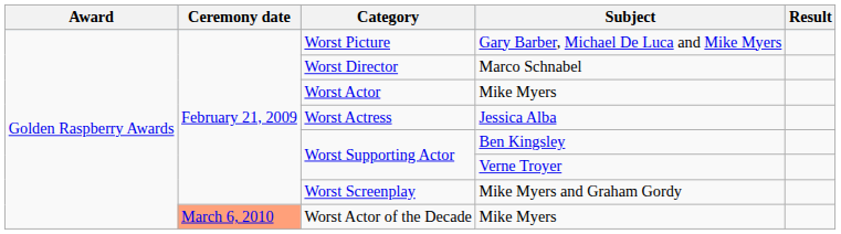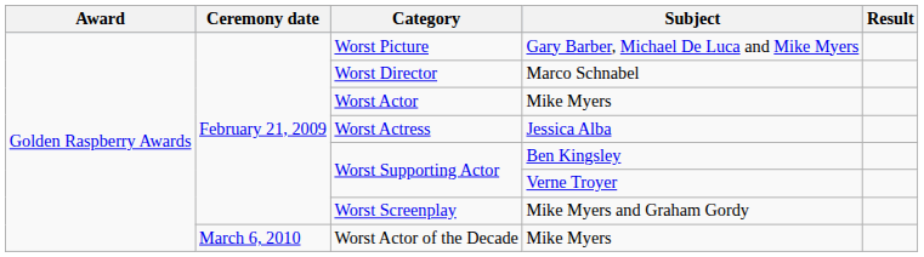 <table class="wikitable">
 <tr style="background:#b0c4de; text-align:center;">
 <th>Award</th>
 <th>Ceremony date</th>
 <th>Category</th>
 <th>Subject</th>
 <th>Result</th>
 </tr>
 <tr>
 <td rowspan="8"><a href='#'>Golden Raspberry Awards</a></td>
 <td rowspan="7"><a href='#'>February 21, 2009</a></td>
 <td><a href='#'>Worst Picture</a></td>
 <td><a href='#'>Gary Barber</a>, <a href='#'>Michael De Luca</a> and <a href='#'>Mike Myers</a></td>
 <td></td>
 </tr>
 <tr>
 <td><a href='#'>Worst Director</a></td>
 <td>Marco Schnabel</td>
 <td></td>
 </tr>
 <tr>
 <td><a href='#'>Worst Actor</a></td>
 <td>Mike Myers</td>
 <td></td>
 </tr>
 <tr>
 <td><a href='#'>Worst Actress</a></td>
 <td><a href='#'>Jessica Alba</a></td>
 <td></td>
 </tr>
 <tr>
 <td rowspan="2"><a href='#'>Worst Supporting Actor</a></td>
 <td><a href='#'>Ben Kingsley</a></td>
 <td></td>
 </tr>
 <tr>
 <td><a href='#'>Verne Troyer</a></td>
 <td></td>
 </tr>
 <tr>
 <td><a href='#'>Worst Screenplay</a></td>
 <td>Mike Myers and Graham Gordy</td>
 <td></td>
 </tr>
 <tr>
-<td style="background: lightsalmon;"><a href='#'>March 6, 2010</a></td>
+<td><a href='#'>March 6, 2010</a></td>
 <td>Worst Actor of the Decade</td>
 <td>Mike Myers </td>
 <td></td>
 </tr>
 </table>
